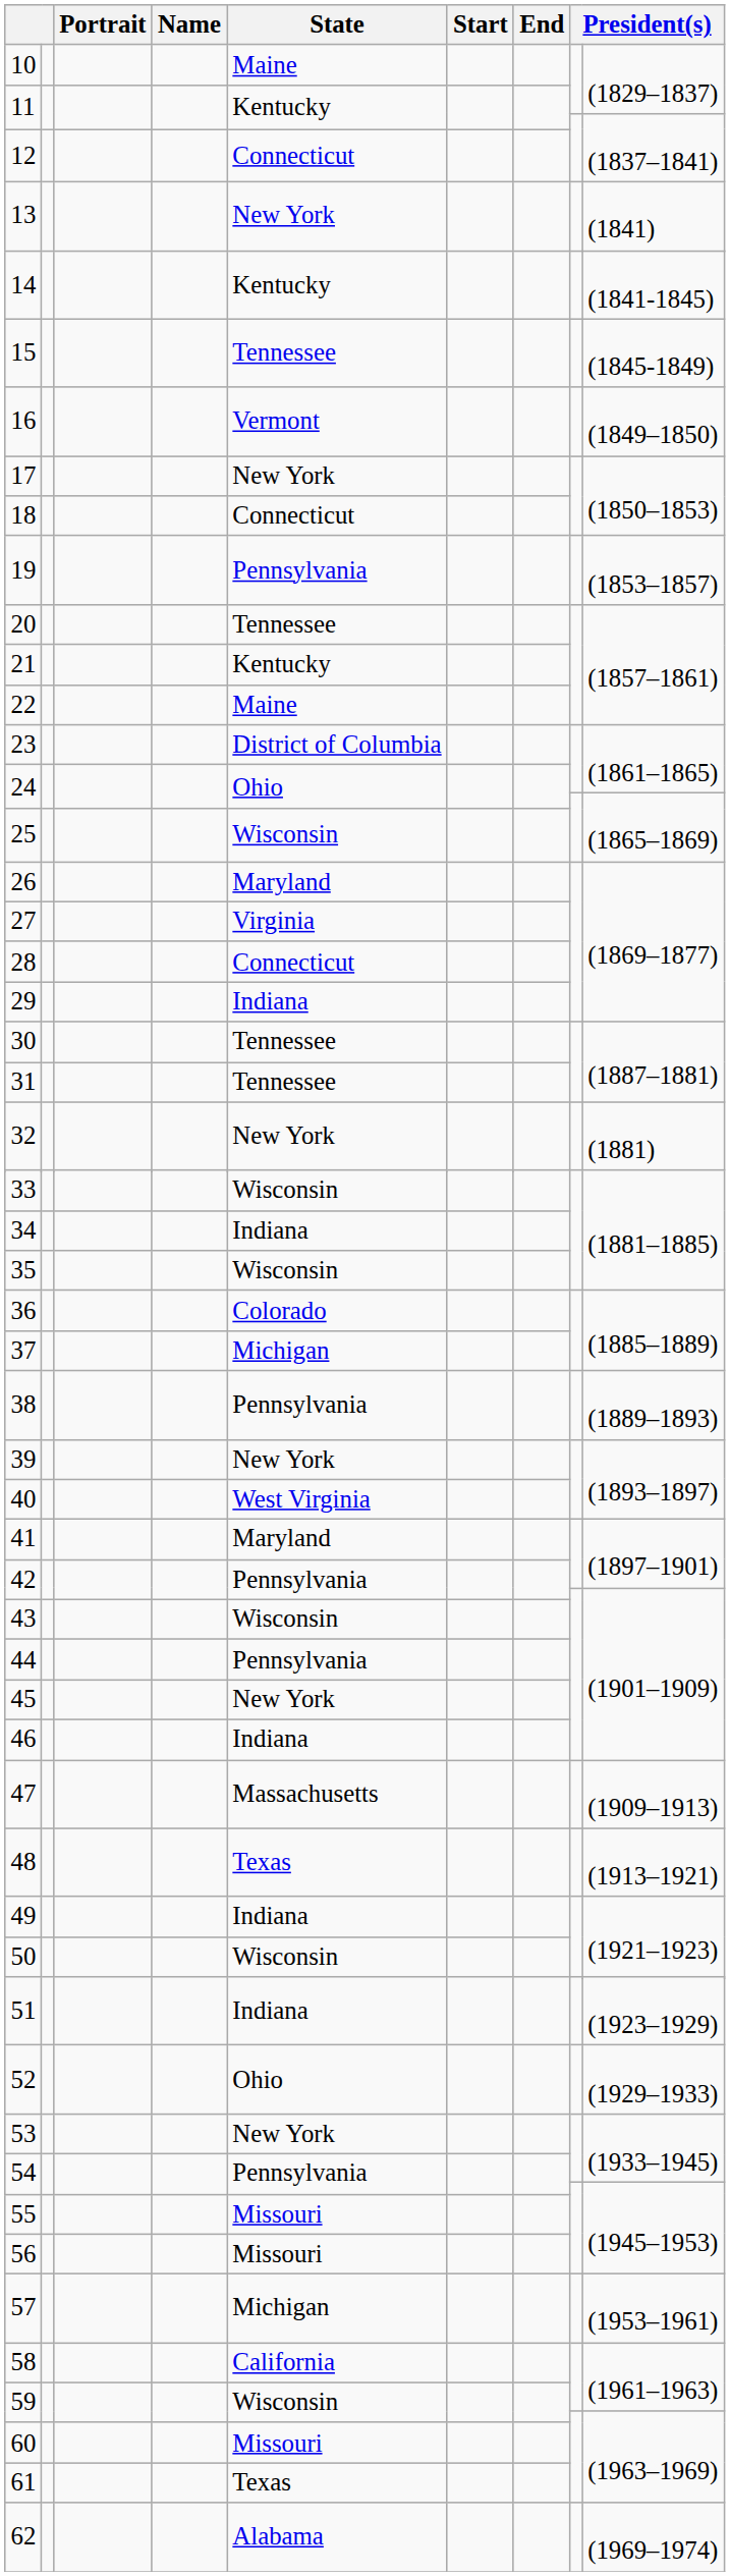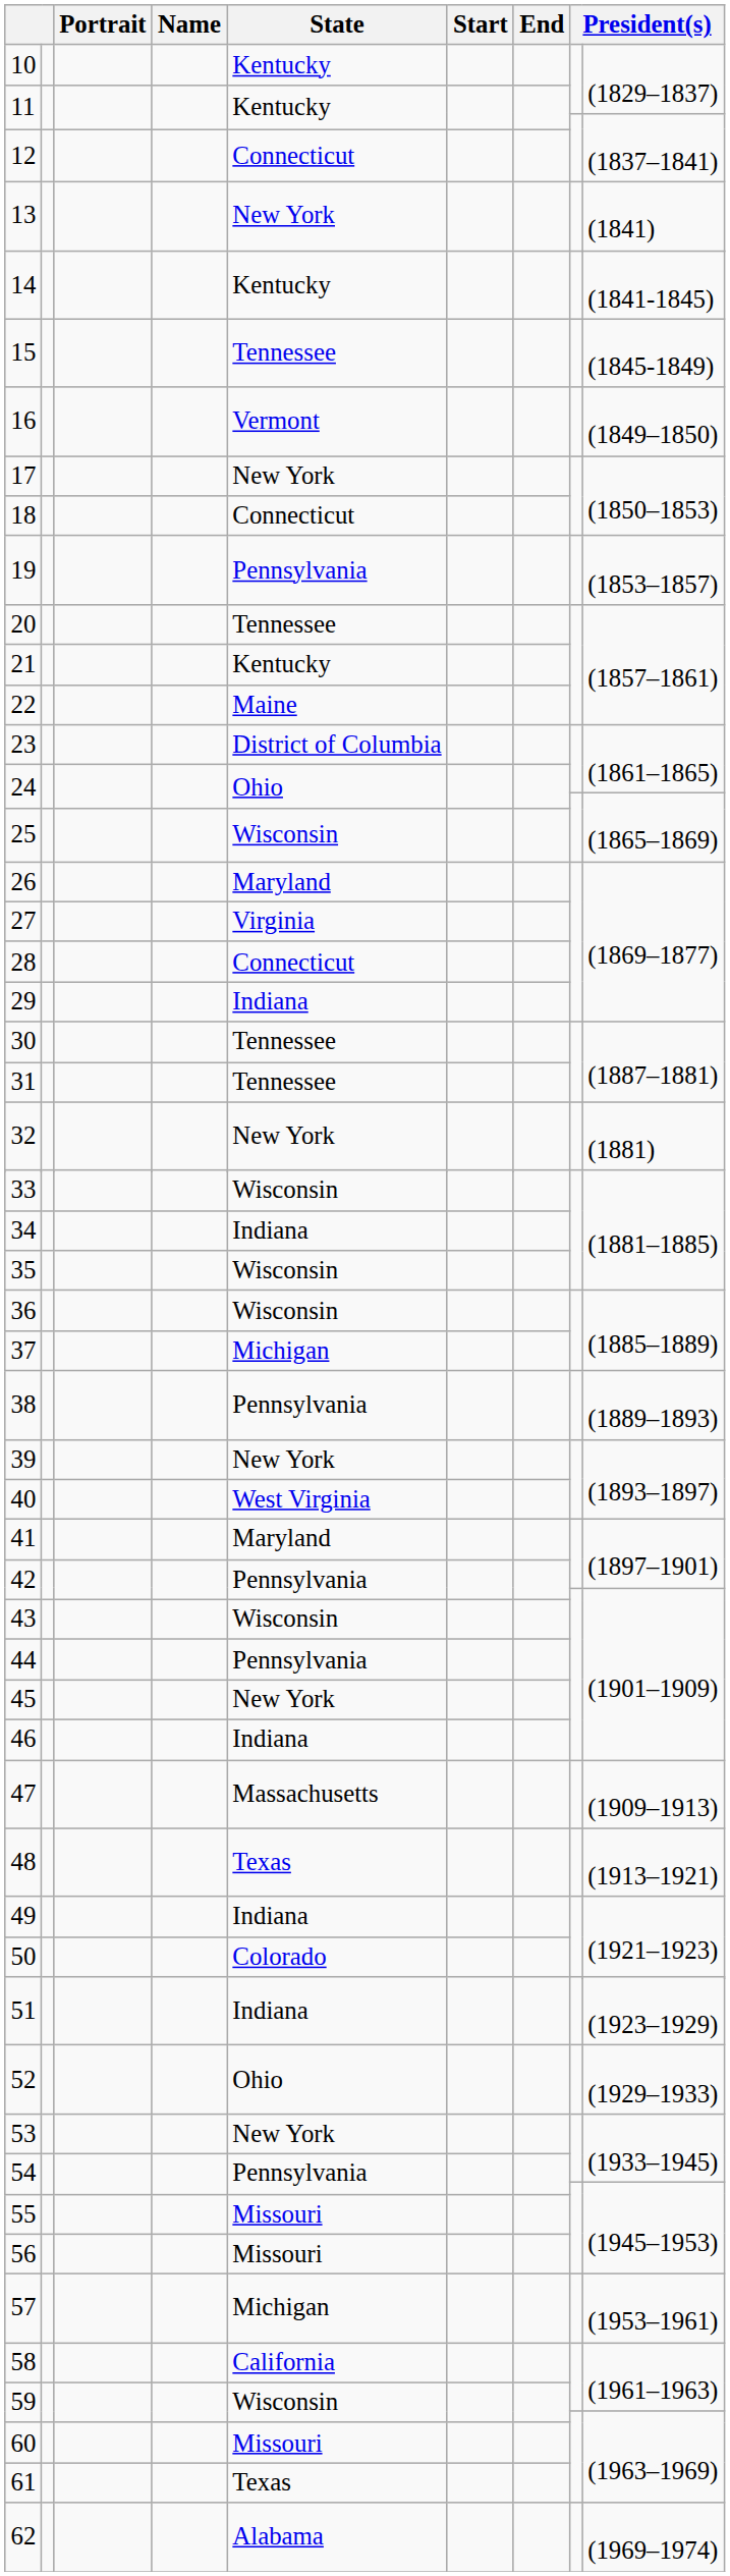 <table class="wikitable sortable">
 <tr>
 <th colspan="2"></th>
 <th>Portrait</th>
 <th>Name</th>
 <th>State</th>
 <th>Start</th>
 <th>End</th>
 <th colspan=2><a href='#'>President(s)</a></th>
 </tr>
 <tr>
 <td>10</td>
 <td style="background: "></td>
 <td></td>
 <td></td>
-<td><a href='#'>Maine</a></td>
+<td><a href='#'>Kentucky</a></td>
 <td></td>
 <td></td>
 <td rowspan=2 style="background: "></td>
 <td rowspan=2><br>(1829–1837)</td>
 </tr>
 <tr>
 <td rowspan=2>11</td>
 <td rowspan=2 style="background: "></td>
 <td rowspan=2></td>
 <td rowspan=2></td>
 <td rowspan=2>Kentucky</td>
 <td rowspan=2></td>
 <td rowspan=2></td>
 </tr>
 <tr>
 <td rowspan=2 style="background: "></td>
 <td rowspan=2><br>(1837–1841)</td>
 </tr>
 <tr>
 <td>12</td>
 <td style="background: "></td>
 <td></td>
 <td></td>
 <td><a href='#'>Connecticut</a></td>
 <td></td>
 <td></td>
 </tr>
 <tr>
 <td rowspan=2>13</td>
 <td rowspan=2 style="background: "></td>
 <td rowspan=2></td>
 <td rowspan=2></td>
 <td rowspan=2><a href='#'>New York</a></td>
 <td rowspan=2></td>
 <td rowspan=2></td>
 <td style="background: "></td>
 <td><br>(1841)</td>
 </tr>
 <tr>
 <td rowspan=2 style="background: "></td>
 <td rowspan=2><br>(1841-1845)</td>
 </tr>
 <tr>
 <td>14</td>
 <td style="background: "></td>
 <td></td>
 <td></td>
 <td>Kentucky</td>
 <td></td>
 <td></td>
 </tr>
 <tr>
 <td>15</td>
 <td style="background: "></td>
 <td></td>
 <td></td>
 <td><a href='#'>Tennessee</a></td>
 <td></td>
 <td></td>
 <td style="background: "></td>
 <td><br>(1845-1849)</td>
 </tr>
 <tr>
 <td>16</td>
 <td style="background: "></td>
 <td></td>
 <td></td>
 <td><a href='#'>Vermont</a></td>
 <td></td>
 <td></td>
 <td style="background: "></td>
 <td><br>(1849–1850)</td>
 </tr>
 <tr>
 <td>17</td>
 <td style="background: "></td>
 <td></td>
 <td></td>
 <td>New York</td>
 <td></td>
 <td></td>
 <td rowspan=2 style="background: "></td>
 <td rowspan=2><br>(1850–1853)</td>
 </tr>
 <tr>
 <td>18</td>
 <td style="background: "></td>
 <td></td>
 <td></td>
 <td>Connecticut</td>
 <td></td>
 <td></td>
 </tr>
 <tr>
 <td>19</td>
 <td style="background: "></td>
 <td></td>
 <td></td>
 <td><a href='#'>Pennsylvania</a></td>
 <td></td>
 <td></td>
 <td style="background: "></td>
 <td><br>(1853–1857)</td>
 </tr>
 <tr>
 <td>20</td>
 <td style="background: "></td>
 <td></td>
 <td></td>
 <td>Tennessee</td>
 <td></td>
 <td></td>
 <td rowspan=3 style="background: "></td>
 <td rowspan=3><br>(1857–1861)</td>
 </tr>
 <tr>
 <td>21</td>
 <td style="background: "></td>
 <td></td>
 <td></td>
 <td>Kentucky</td>
 <td></td>
 <td></td>
 </tr>
 <tr>
 <td>22</td>
 <td style="background: "></td>
 <td></td>
 <td></td>
 <td><a href='#'>Maine</a></td>
 <td></td>
 <td></td>
 </tr>
 <tr>
 <td>23</td>
 <td style="background: "></td>
 <td></td>
 <td></td>
 <td><a href='#'>District of Columbia</a></td>
 <td></td>
 <td></td>
 <td rowspan=2 style="background: "></td>
 <td rowspan=2><br>(1861–1865)</td>
 </tr>
 <tr>
 <td rowspan=2>24</td>
 <td rowspan=2 style="background: "></td>
 <td rowspan=2></td>
 <td rowspan=2></td>
 <td rowspan=2><a href='#'>Ohio</a></td>
 <td rowspan=2></td>
 <td rowspan=2></td>
 </tr>
 <tr>
 <td rowspan=2 style="background: "></td>
 <td rowspan=2><br>(1865–1869)</td>
 </tr>
 <tr>
 <td>25</td>
 <td style="background: "></td>
 <td></td>
 <td></td>
 <td><a href='#'>Wisconsin</a></td>
 <td></td>
 <td></td>
 </tr>
 <tr>
 <td>26</td>
 <td style="background: "></td>
 <td></td>
 <td></td>
 <td><a href='#'>Maryland</a></td>
 <td></td>
 <td></td>
 <td rowspan=4 style="background: "></td>
 <td rowspan=4><br>(1869–1877)</td>
 </tr>
 <tr>
 <td>27</td>
 <td style="background: "></td>
 <td></td>
 <td></td>
 <td><a href='#'>Virginia</a></td>
 <td></td>
 <td></td>
 </tr>
 <tr>
 <td>28</td>
 <td style="background: "></td>
 <td></td>
 <td></td>
 <td><a href='#'>Connecticut</a></td>
 <td></td>
 <td></td>
 </tr>
 <tr>
 <td>29</td>
 <td style="background: "></td>
 <td></td>
 <td></td>
 <td><a href='#'>Indiana</a></td>
 <td></td>
 <td></td>
 </tr>
 <tr>
 <td>30</td>
 <td style="background: "></td>
 <td></td>
 <td></td>
 <td>Tennessee</td>
 <td></td>
 <td></td>
 <td rowspan=2 style="background: "></td>
 <td rowspan=2><br>(1887–1881)</td>
 </tr>
 <tr>
 <td>31</td>
 <td style="background: "></td>
 <td></td>
 <td></td>
 <td>Tennessee</td>
 <td></td>
 <td></td>
 </tr>
 <tr>
 <td rowspan=2>32</td>
 <td rowspan=2 style="background: "></td>
 <td rowspan=2></td>
 <td rowspan=2></td>
 <td rowspan=2>New York</td>
 <td rowspan=2></td>
 <td rowspan=2></td>
 <td style="background: "></td>
 <td><br>(1881)</td>
 </tr>
 <tr>
 <td rowspan=4 style="background: "></td>
 <td rowspan=4><br>(1881–1885)</td>
 </tr>
 <tr>
 <td>33</td>
 <td style="background: "></td>
 <td></td>
 <td></td>
 <td>Wisconsin</td>
 <td></td>
 <td></td>
 </tr>
 <tr>
 <td>34</td>
 <td style="background: "></td>
 <td></td>
 <td></td>
 <td>Indiana</td>
 <td></td>
 <td></td>
 </tr>
 <tr>
 <td>35</td>
 <td style="background: "></td>
 <td></td>
 <td></td>
 <td>Wisconsin</td>
 <td></td>
 <td></td>
 </tr>
 <tr>
 <td>36</td>
 <td style="background: "></td>
 <td></td>
 <td></td>
-<td><a href='#'>Colorado</a></td>
+<td>Wisconsin</td>
 <td></td>
 <td></td>
 <td rowspan=2 style="background: "></td>
 <td rowspan=2><br>(1885–1889)</td>
 </tr>
 <tr>
 <td>37</td>
 <td style="background: "></td>
 <td></td>
 <td></td>
 <td><a href='#'>Michigan</a></td>
 <td></td>
 <td></td>
 </tr>
 <tr>
 <td>38</td>
 <td style="background: "></td>
 <td></td>
 <td></td>
 <td>Pennsylvania</td>
 <td></td>
 <td></td>
 <td style="background: "></td>
 <td><br>(1889–1893)</td>
 </tr>
 <tr>
 <td>39</td>
 <td style="background: "></td>
 <td></td>
 <td></td>
 <td>New York</td>
 <td></td>
 <td></td>
 <td rowspan=2 style="background: "></td>
 <td rowspan=2><br>(1893–1897)</td>
 </tr>
 <tr>
 <td>40</td>
 <td style="background: "></td>
 <td></td>
 <td></td>
 <td><a href='#'>West Virginia</a></td>
 <td></td>
 <td></td>
 </tr>
 <tr>
 <td>41</td>
 <td style="background: "></td>
 <td></td>
 <td></td>
 <td>Maryland</td>
 <td></td>
 <td></td>
 <td rowspan=2 style="background: "></td>
 <td rowspan=2><br>(1897–1901)</td>
 </tr>
 <tr>
 <td rowspan=2>42</td>
 <td rowspan=2 style="background: "></td>
 <td rowspan=2></td>
 <td rowspan=2></td>
 <td rowspan=2>Pennsylvania</td>
 <td rowspan=2></td>
 <td rowspan=2></td>
 </tr>
 <tr>
 <td rowspan=5 style="background: "></td>
 <td rowspan=5><br>(1901–1909)</td>
 </tr>
 <tr>
 <td>43</td>
 <td style="background: "></td>
 <td></td>
 <td></td>
 <td>Wisconsin</td>
 <td></td>
 <td></td>
 </tr>
 <tr>
 <td>44</td>
 <td style="background: "></td>
 <td></td>
 <td></td>
 <td>Pennsylvania</td>
 <td></td>
 <td></td>
 </tr>
 <tr>
 <td>45</td>
 <td style="background: "></td>
 <td></td>
 <td></td>
 <td>New York</td>
 <td></td>
 <td></td>
 </tr>
 <tr>
 <td>46</td>
 <td style="background: "></td>
 <td></td>
 <td></td>
 <td>Indiana</td>
 <td></td>
 <td></td>
 </tr>
 <tr>
 <td>47</td>
 <td style="background: "></td>
 <td></td>
 <td></td>
 <td>Massachusetts</td>
 <td></td>
 <td></td>
 <td style="background: "></td>
 <td><br>(1909–1913)</td>
 </tr>
 <tr>
 <td>48</td>
 <td style="background: "></td>
 <td></td>
 <td></td>
 <td><a href='#'>Texas</a></td>
 <td></td>
 <td></td>
 <td style="background: "></td>
 <td><br>(1913–1921)</td>
 </tr>
 <tr>
 <td>49</td>
 <td style="background: "></td>
 <td></td>
 <td></td>
 <td>Indiana</td>
 <td></td>
 <td></td>
 <td rowspan=3 style="background: "></td>
 <td rowspan=3><br>(1921–1923)</td>
 </tr>
 <tr>
 <td>50</td>
 <td style="background: "></td>
 <td></td>
 <td></td>
-<td>Wisconsin</td>
+<td><a href='#'>Colorado</a></td>
 <td></td>
 <td></td>
 </tr>
 <tr>
 <td rowspan=2>51</td>
 <td rowspan=2 style="background: "></td>
 <td rowspan=2></td>
 <td rowspan=2></td>
 <td rowspan=2>Indiana</td>
 <td rowspan=2></td>
 <td rowspan=2></td>
 </tr>
 <tr>
 <td style="background: "></td>
 <td><br>(1923–1929)</td>
 </tr>
 <tr>
 <td>52</td>
 <td style="background: "></td>
 <td></td>
 <td></td>
 <td>Ohio</td>
 <td></td>
 <td></td>
 <td style="background: "></td>
 <td><br>(1929–1933)</td>
 </tr>
 <tr>
 <td>53</td>
 <td style="background: "></td>
 <td></td>
 <td></td>
 <td>New York</td>
 <td></td>
 <td></td>
 <td rowspan=2 style="background: "></td>
 <td rowspan=2><br>(1933–1945)</td>
 </tr>
 <tr>
 <td rowspan=2>54</td>
 <td rowspan=2 style="background: "></td>
 <td rowspan=2></td>
 <td rowspan=2></td>
 <td rowspan=2>Pennsylvania</td>
 <td rowspan=2></td>
 <td rowspan=2></td>
 </tr>
 <tr>
 <td rowspan=3 style="background: "></td>
 <td rowspan=3><br>(1945–1953)</td>
 </tr>
 <tr>
 <td>55</td>
 <td style="background: "></td>
 <td></td>
 <td></td>
 <td><a href='#'>Missouri</a></td>
 <td></td>
 <td></td>
 </tr>
 <tr>
 <td>56</td>
 <td style="background: "></td>
 <td></td>
 <td></td>
 <td>Missouri</td>
 <td></td>
 <td></td>
 </tr>
 <tr>
 <td>57</td>
 <td style="background: "></td>
 <td></td>
 <td></td>
 <td>Michigan</td>
 <td></td>
 <td></td>
 <td style="background: "></td>
 <td><br>(1953–1961)</td>
 </tr>
 <tr>
 <td>58</td>
 <td style="background: "></td>
 <td></td>
 <td></td>
 <td><a href='#'>California</a></td>
 <td></td>
 <td></td>
 <td rowspan=2 style="background: "></td>
 <td rowspan=2><br>(1961–1963)</td>
 </tr>
 <tr>
 <td rowspan=2>59</td>
 <td rowspan=2 style="background: "></td>
 <td rowspan=2></td>
 <td rowspan=2></td>
 <td rowspan=2>Wisconsin</td>
 <td rowspan=2></td>
 <td rowspan=2></td>
 </tr>
 <tr>
 <td rowspan=3 style="background: "></td>
 <td rowspan=3><br>(1963–1969)</td>
 </tr>
 <tr>
 <td>60</td>
 <td style="background: "></td>
 <td></td>
 <td></td>
 <td><a href='#'>Missouri</a></td>
 <td></td>
 <td></td>
 </tr>
 <tr>
 <td>61</td>
 <td style="background: "></td>
 <td></td>
 <td></td>
 <td>Texas</td>
 <td></td>
 <td></td>
 </tr>
 <tr>
 <td>62</td>
 <td style="background: "></td>
 <td></td>
 <td></td>
 <td><a href='#'>Alabama</a></td>
 <td></td>
 <td></td>
 <td style="background: "></td>
 <td><br>(1969–1974)</td>
 </tr>
 </table>
